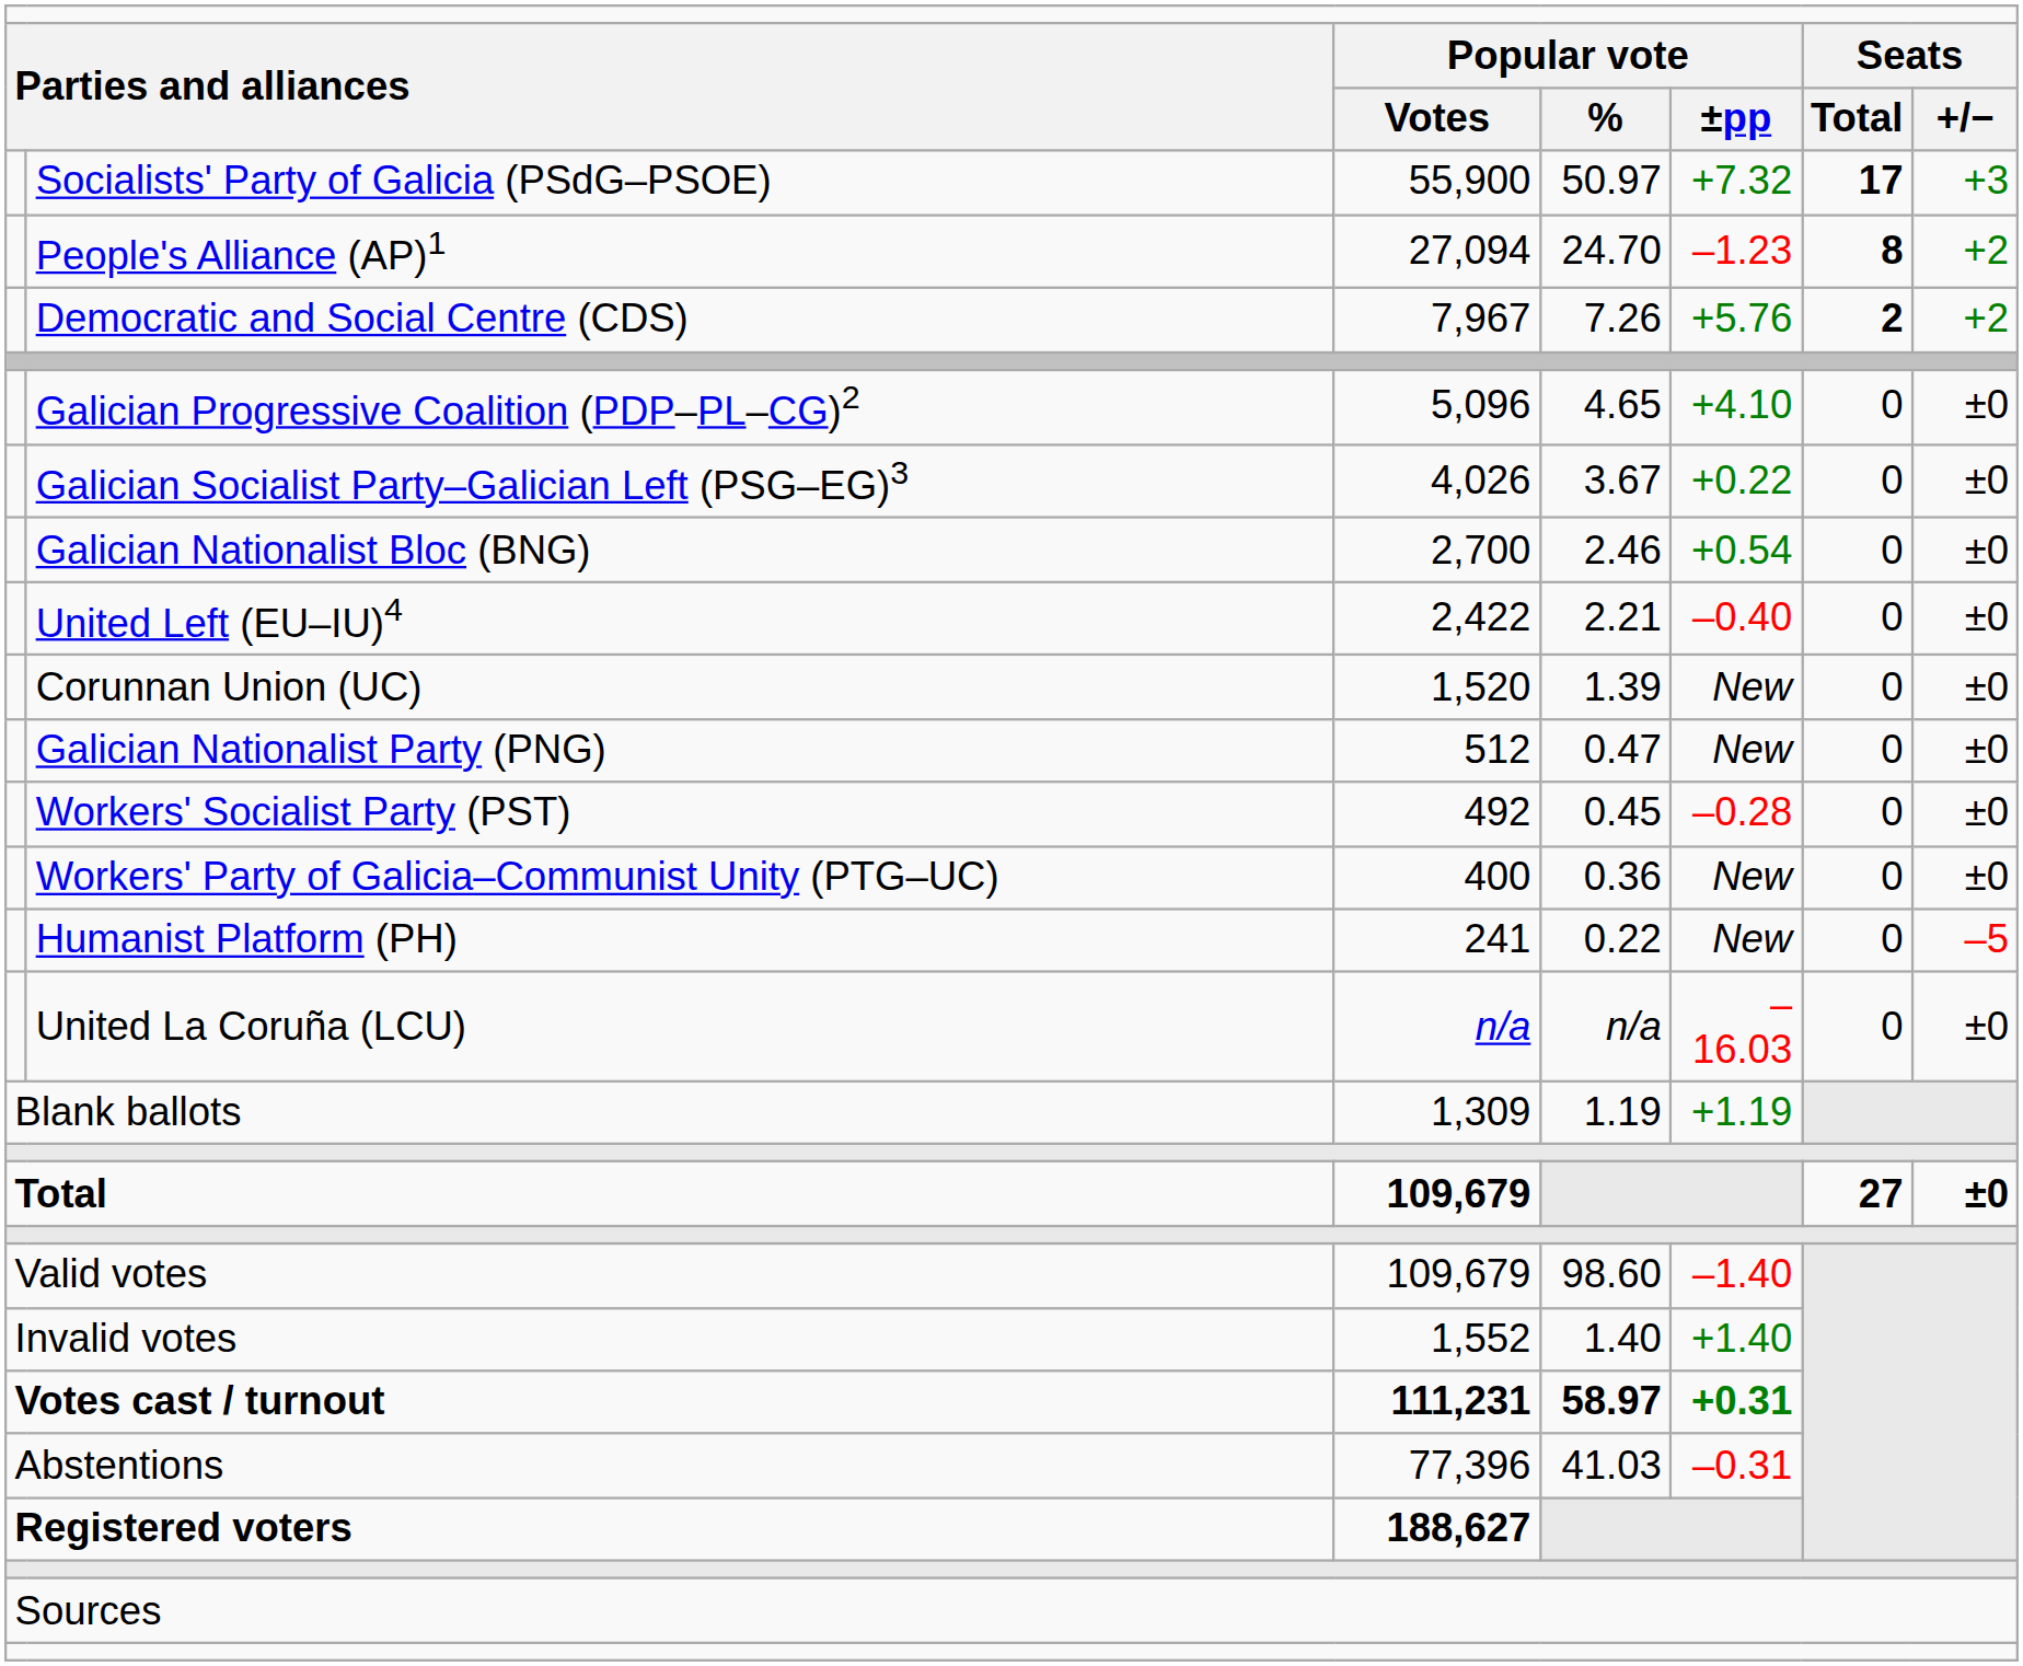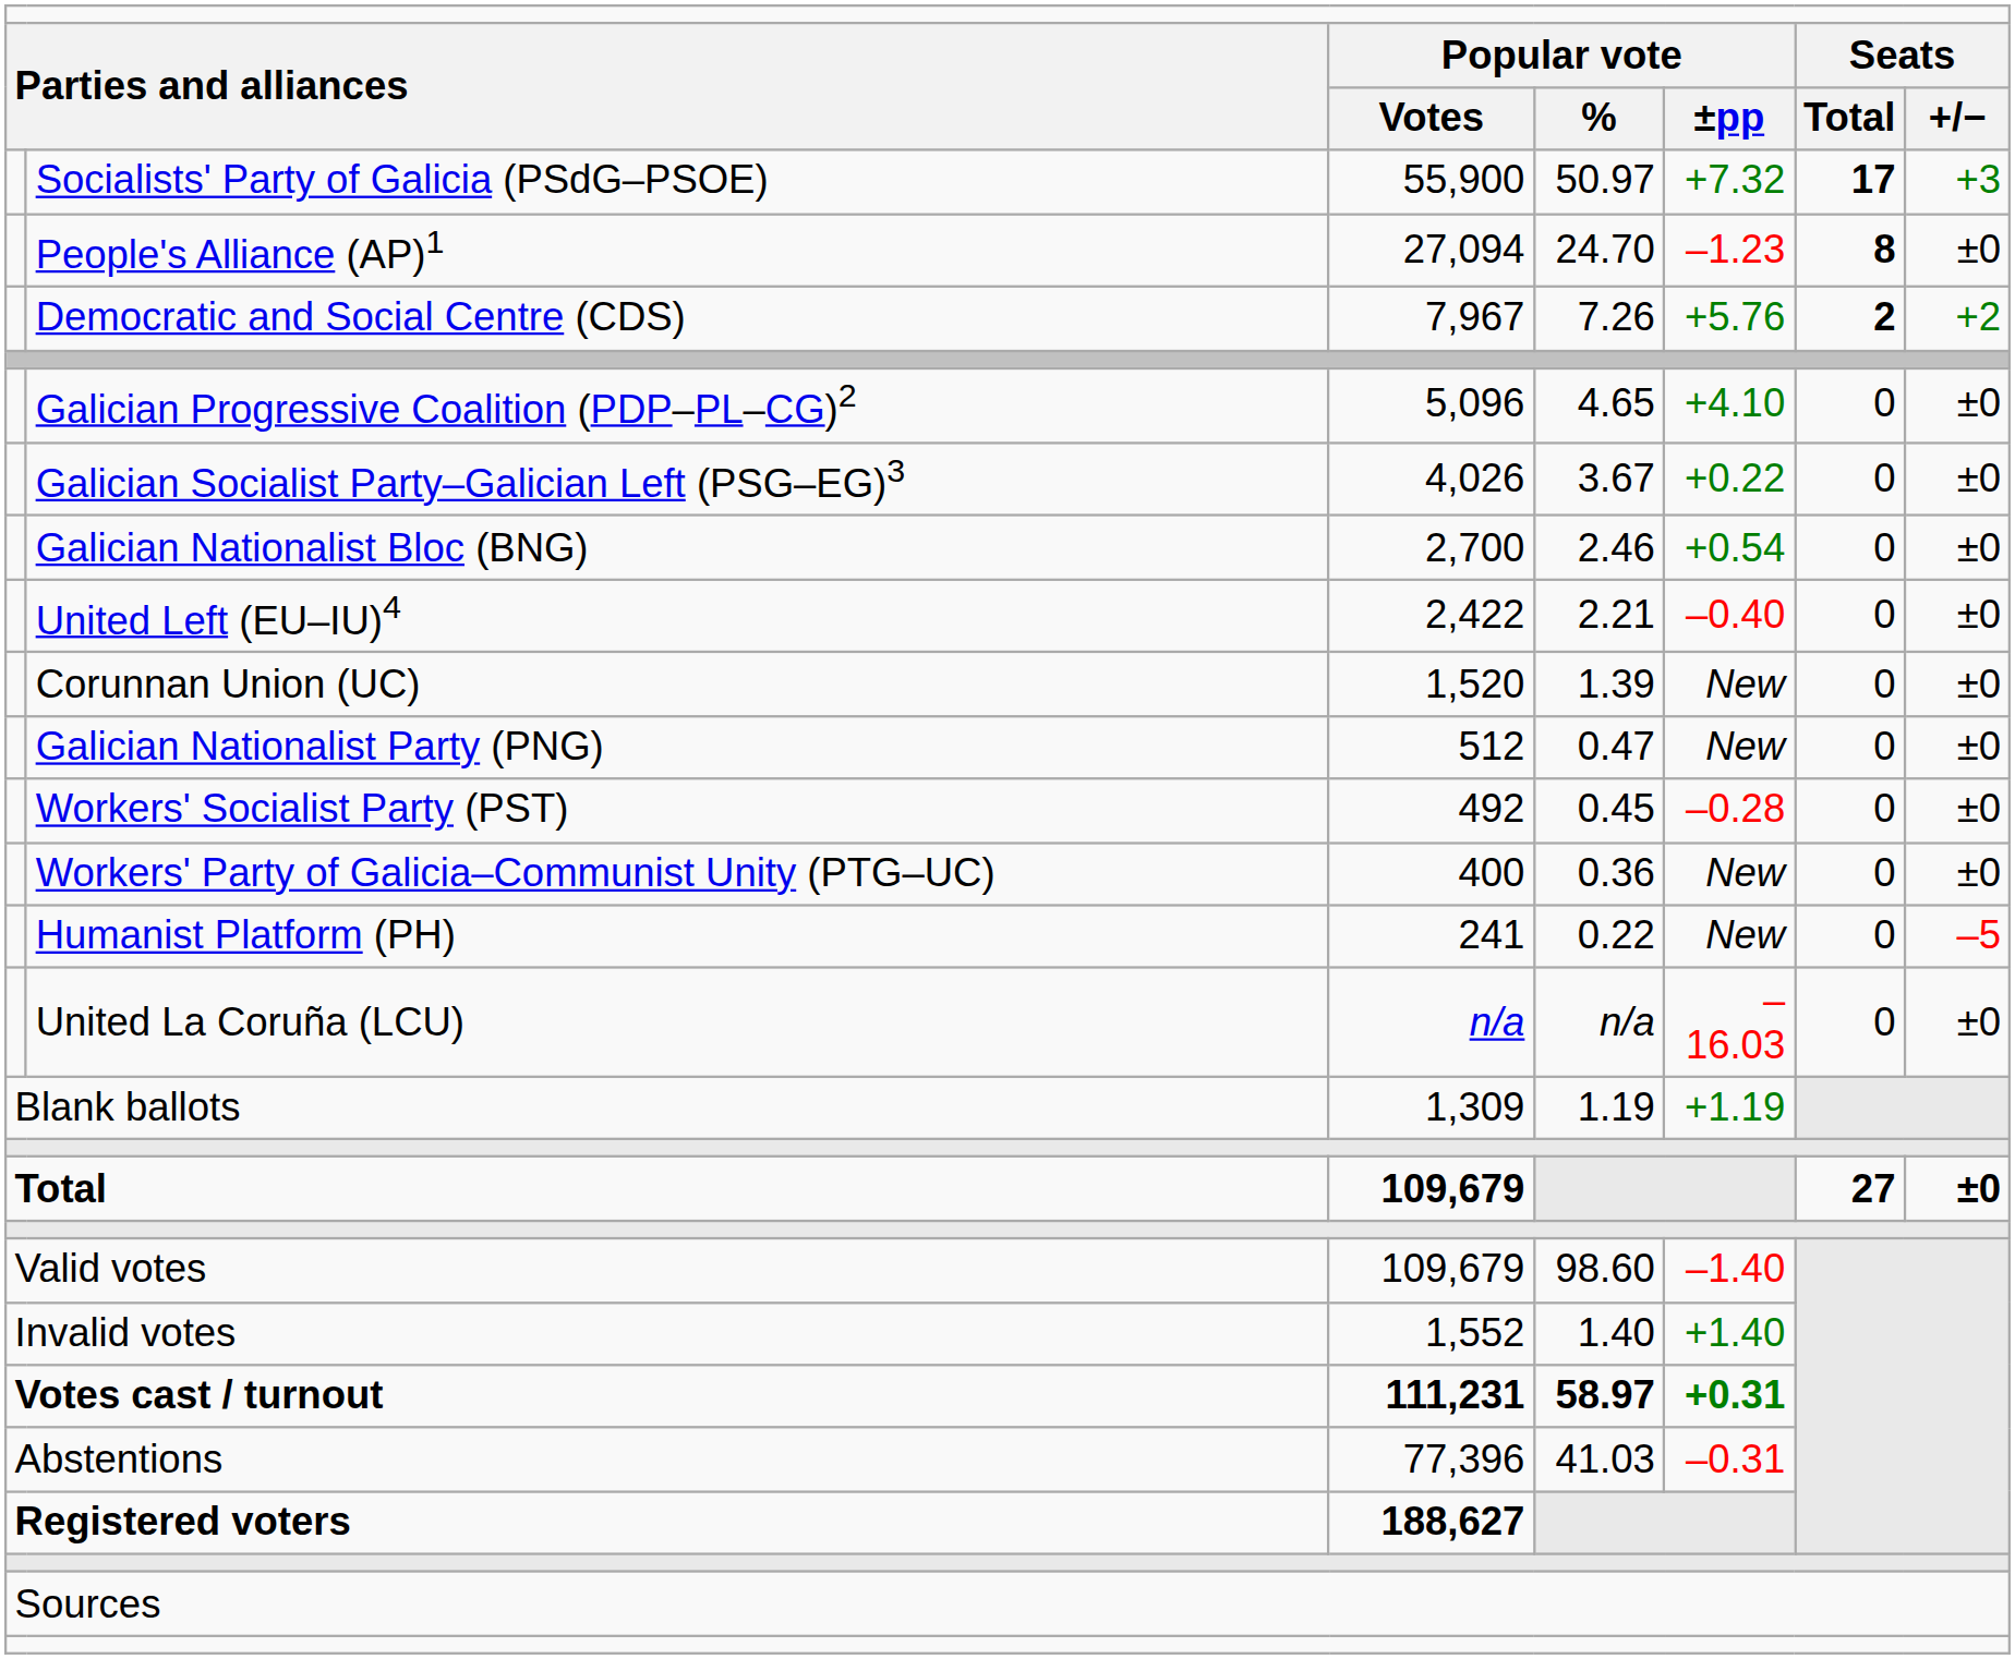 <table class="wikitable" style="text-align:right;">
 <tr>
 <td colspan="7"></td>
 </tr>
 <tr>
 <th style="text-align:left;" rowspan="2" colspan="2" width="525">Parties and alliances</th>
 <th colspan="3">Popular vote</th>
 <th colspan="2">Seats</th>
 </tr>
 <tr>
 <th width="75">Votes</th>
 <th width="45">%</th>
 <th width="45">±<a href='#'>pp</a></th>
 <th width="35">Total</th>
 <th width="35">+/−</th>
 </tr>
 <tr>
 <td width="1" style="color:inherit;background:"></td>
 <td align="left"><a href='#'>Socialists' Party of Galicia</a> (PSdG–PSOE)</td>
 <td>55,900</td>
 <td>50.97</td>
 <td style="color:green;">+7.32</td>
 <td><strong>17</strong></td>
 <td style="color:green;">+3</td>
 </tr>
 <tr>
 <td style="color:inherit;background:"></td>
 <td align="left"><a href='#'>People's Alliance</a> (AP)<sup>1</sup></td>
 <td>27,094</td>
 <td>24.70</td>
 <td style="color:red;">–1.23</td>
 <td><strong>8</strong></td>
-<td style="color:green;">+2</td>
+<td>±0</td>
 </tr>
 <tr>
 <td style="color:inherit;background:"></td>
 <td align="left"><a href='#'>Democratic and Social Centre</a> (CDS)</td>
 <td>7,967</td>
 <td>7.26</td>
 <td style="color:green;">+5.76</td>
 <td><strong>2</strong></td>
 <td style="color:green;">+2</td>
 </tr>
 <tr>
 <td colspan="7" style="color:inherit;background:#C0C0C0"></td>
 </tr>
 <tr>
 <td style="color:inherit;background:"></td>
 <td align="left"><a href='#'>Galician Progressive Coalition</a> (<a href='#'>PDP</a>–<a href='#'>PL</a>–<a href='#'>CG</a>)<sup>2</sup></td>
 <td>5,096</td>
 <td>4.65</td>
 <td style="color:green;">+4.10</td>
 <td>0</td>
 <td>±0</td>
 </tr>
 <tr>
 <td style="color:inherit;background:"></td>
 <td align="left"><a href='#'>Galician Socialist Party–Galician Left</a> (PSG–EG)<sup>3</sup></td>
 <td>4,026</td>
 <td>3.67</td>
 <td style="color:green;">+0.22</td>
 <td>0</td>
 <td>±0</td>
 </tr>
 <tr>
 <td style="color:inherit;background:"></td>
 <td align="left"><a href='#'>Galician Nationalist Bloc</a> (BNG)</td>
 <td>2,700</td>
 <td>2.46</td>
 <td style="color:green;">+0.54</td>
 <td>0</td>
 <td>±0</td>
 </tr>
 <tr>
 <td style="color:inherit;background:"></td>
 <td align="left"><a href='#'>United Left</a> (EU–IU)<sup>4</sup></td>
 <td>2,422</td>
 <td>2.21</td>
 <td style="color:red;">–0.40</td>
 <td>0</td>
 <td>±0</td>
 </tr>
 <tr>
 <td style="color:inherit;background:"></td>
 <td align="left">Corunnan Union (UC)</td>
 <td>1,520</td>
 <td>1.39</td>
 <td><em>New</em></td>
 <td>0</td>
 <td>±0</td>
 </tr>
 <tr>
 <td style="color:inherit;background:"></td>
 <td align="left"><a href='#'>Galician Nationalist Party</a> (PNG)</td>
 <td>512</td>
 <td>0.47</td>
 <td><em>New</em></td>
 <td>0</td>
 <td>±0</td>
 </tr>
 <tr>
 <td style="color:inherit;background:"></td>
 <td align="left"><a href='#'>Workers' Socialist Party</a> (PST)</td>
 <td>492</td>
 <td>0.45</td>
 <td style="color:red;">–0.28</td>
 <td>0</td>
 <td>±0</td>
 </tr>
 <tr>
 <td style="color:inherit;background:"></td>
 <td align="left"><a href='#'>Workers' Party of Galicia–Communist Unity</a> (PTG–UC)</td>
 <td>400</td>
 <td>0.36</td>
 <td><em>New</em></td>
 <td>0</td>
 <td>±0</td>
 </tr>
 <tr>
 <td style="color:inherit;background:"></td>
 <td align="left"><a href='#'>Humanist Platform</a> (PH)</td>
 <td>241</td>
 <td>0.22</td>
 <td><em>New</em></td>
 <td>0</td>
 <td style="color:red;">–5</td>
 </tr>
 <tr>
 <td style="color:inherit;background:"></td>
 <td align="left">United La Coruña (LCU)</td>
 <td><em><a href='#'>n/a</a></em></td>
 <td><em>n/a</em></td>
 <td style="color:red;">–16.03</td>
 <td>0</td>
 <td>±0</td>
 </tr>
 <tr>
 <td align="left" colspan="2">Blank ballots</td>
 <td>1,309</td>
 <td>1.19</td>
 <td style="color:green;">+1.19</td>
 <td style="color:inherit;background:#E9E9E9" colspan="2"></td>
 </tr>
 <tr>
 <td colspan="7" style="color:inherit;background:#E9E9E9"></td>
 </tr>
 <tr style="font-weight:bold;">
 <td align="left" colspan="2">Total</td>
 <td>109,679</td>
 <td bgcolor="#E9E9E9" colspan="2"></td>
 <td>27</td>
 <td>±0</td>
 </tr>
 <tr>
 <td colspan="7" style="color:inherit;background:#E9E9E9"></td>
 </tr>
 <tr>
 <td align="left" colspan="2">Valid votes</td>
 <td>109,679</td>
 <td>98.60</td>
 <td style="color:red;">–1.40</td>
 <td bgcolor="#E9E9E9" colspan="2" rowspan="5"></td>
 </tr>
 <tr>
 <td align="left" colspan="2">Invalid votes</td>
 <td>1,552</td>
 <td>1.40</td>
 <td style="color:green;">+1.40</td>
 </tr>
 <tr style="font-weight:bold;">
 <td align="left" colspan="2">Votes cast / turnout</td>
 <td>111,231</td>
 <td>58.97</td>
 <td style="color:green;">+0.31</td>
 </tr>
 <tr>
 <td align="left" colspan="2">Abstentions</td>
 <td>77,396</td>
 <td>41.03</td>
 <td style="color:red;">–0.31</td>
 </tr>
 <tr style="font-weight:bold;">
 <td align="left" colspan="2">Registered voters</td>
 <td>188,627</td>
 <td bgcolor="#E9E9E9" colspan="2"></td>
 </tr>
 <tr>
 <td colspan="7" style="color:inherit;background:#E9E9E9"></td>
 </tr>
 <tr>
 <td align="left" colspan="7">Sources</td>
 </tr>
 <tr>
 <td colspan="7" style="text-align:left; max-width:790px;"></td>
 </tr>
 </table>
